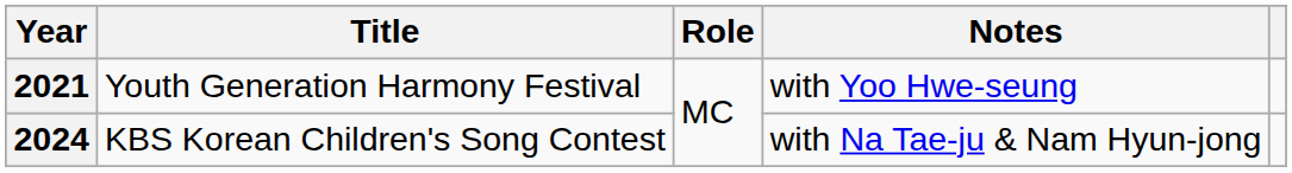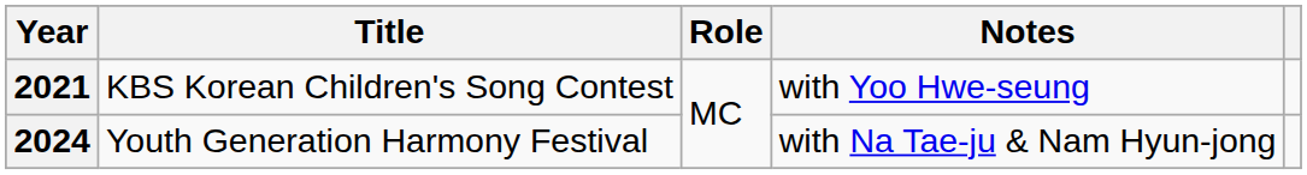 <table class="wikitable plainrowheaders">
 <tr>
 <th scope="col">Year</th>
 <th scope="col">Title</th>
 <th scope="col">Role</th>
 <th scope="col">Notes</th>
 <th scope="col" class="unsortable"></th>
 </tr>
 <tr>
 <th scope="row">2021</th>
-<td>Youth Generation Harmony Festival</td>
+<td>KBS Korean Children's Song Contest</td>
 <td rowspan="2">MC</td>
 <td>with <a href='#'>Yoo Hwe-seung</a></td>
 <td style="text-align:center"></td>
 </tr>
 <tr>
 <th scope="row">2024</th>
-<td>KBS Korean Children's Song Contest</td>
+<td>Youth Generation Harmony Festival</td>
 <td>with <a href='#'>Na Tae-ju</a> & Nam Hyun-jong</td>
 <td style="text-align:center"></td>
 </tr>
 </table>
